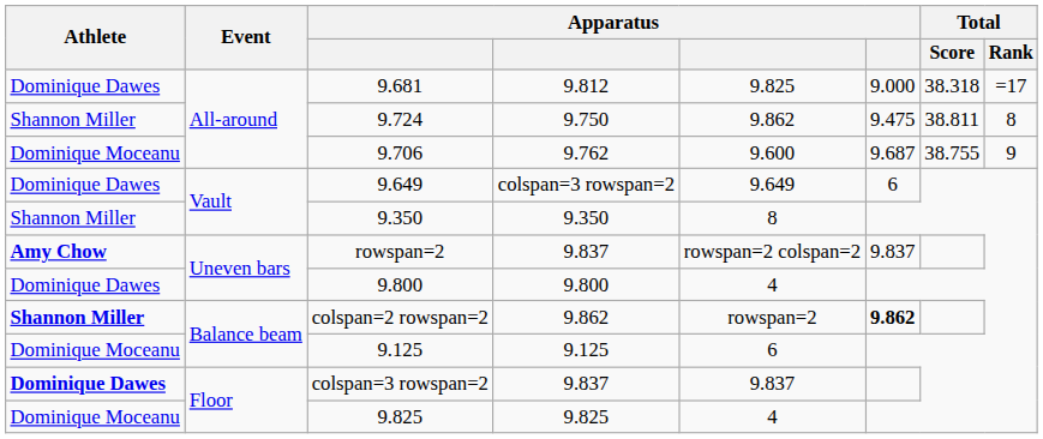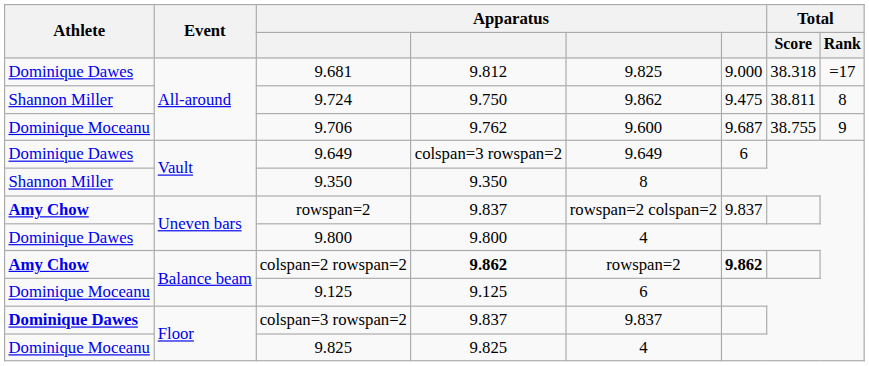 <table class=wikitable style=font-size:90%;text-align:center>
 <tr>
 <th rowspan=2>Athlete</th>
 <th rowspan=2>Event</th>
 <th colspan=4>Apparatus</th>
 <th colspan=2>Total</th>
 </tr>
 <tr style=font-size:95%>
 <th></th>
 <th></th>
 <th></th>
 <th></th>
 <th>Score</th>
 <th>Rank</th>
 </tr>
 <tr>
 <td align=left><a href='#'>Dominique Dawes</a></td>
 <td align=left rowspan=3><a href='#'>All-around</a></td>
 <td>9.681</td>
 <td>9.812</td>
 <td>9.825</td>
 <td>9.000</td>
 <td>38.318</td>
 <td>=17</td>
 </tr>
 <tr>
 <td align=left><a href='#'>Shannon Miller</a></td>
 <td>9.724</td>
 <td>9.750</td>
 <td>9.862</td>
 <td>9.475</td>
 <td>38.811</td>
 <td>8</td>
 </tr>
 <tr>
 <td align=left><a href='#'>Dominique Moceanu</a></td>
 <td>9.706</td>
 <td>9.762</td>
 <td>9.600</td>
 <td>9.687</td>
 <td>38.755</td>
 <td>9</td>
 </tr>
 <tr>
 <td align=left><a href='#'>Dominique Dawes</a></td>
 <td align=left rowspan=2><a href='#'>Vault</a></td>
 <td>9.649</td>
 <td>colspan=3 rowspan=2 </td>
 <td>9.649</td>
 <td>6</td>
 </tr>
 <tr>
 <td align=left><a href='#'>Shannon Miller</a></td>
 <td>9.350</td>
 <td>9.350</td>
 <td>8</td>
 </tr>
 <tr>
 <td align=left><strong><a href='#'>Amy Chow</a></strong></td>
 <td align=left rowspan=2><a href='#'>Uneven bars</a></td>
 <td>rowspan=2 </td>
 <td>9.837</td>
 <td>rowspan=2 colspan=2 </td>
 <td>9.837</td>
 <td></td>
 </tr>
 <tr>
 <td align=left><a href='#'>Dominique Dawes</a></td>
 <td>9.800</td>
 <td>9.800</td>
 <td>4</td>
 </tr>
 <tr>
-<td align=left><strong><a href='#'>Shannon Miller</a></strong></td>
+<td align=left><strong><a href='#'>Amy Chow</a></strong></td>
 <td align=left rowspan=2><a href='#'>Balance beam</a></td>
 <td>colspan=2 rowspan=2 </td>
-<td>9.862</td>
+<td><strong>9.862</strong></td>
 <td>rowspan=2 </td>
 <td><strong>9.862</strong></td>
 <td></td>
 </tr>
 <tr>
 <td align=left><a href='#'>Dominique Moceanu</a></td>
 <td>9.125</td>
 <td>9.125</td>
 <td>6</td>
 </tr>
 <tr>
 <td align=left><strong><a href='#'>Dominique Dawes</a></strong></td>
 <td align=left rowspan=2><a href='#'>Floor</a></td>
 <td>colspan=3 rowspan=2 </td>
 <td>9.837</td>
 <td>9.837</td>
 <td></td>
 </tr>
 <tr>
 <td align=left><a href='#'>Dominique Moceanu</a></td>
 <td>9.825</td>
 <td>9.825</td>
 <td>4</td>
 </tr>
 </table>
